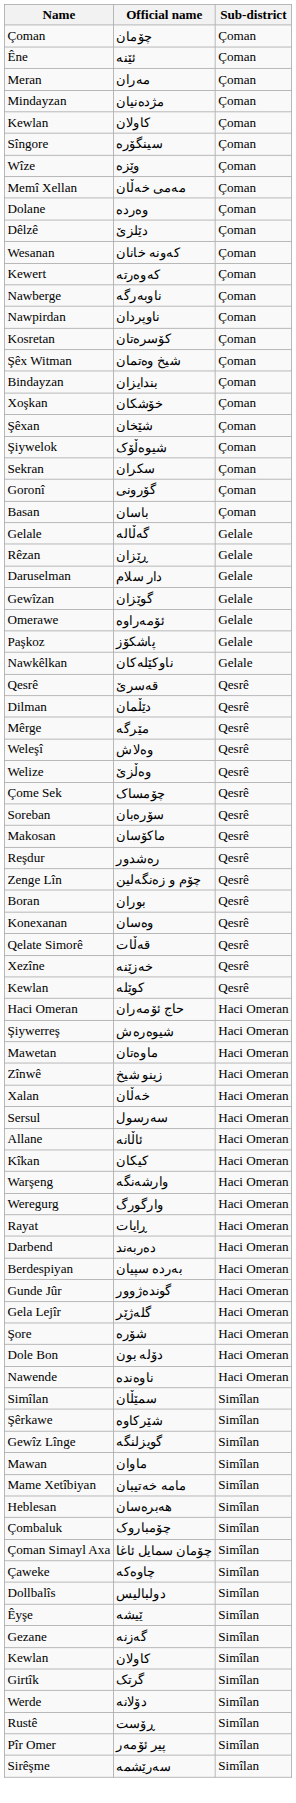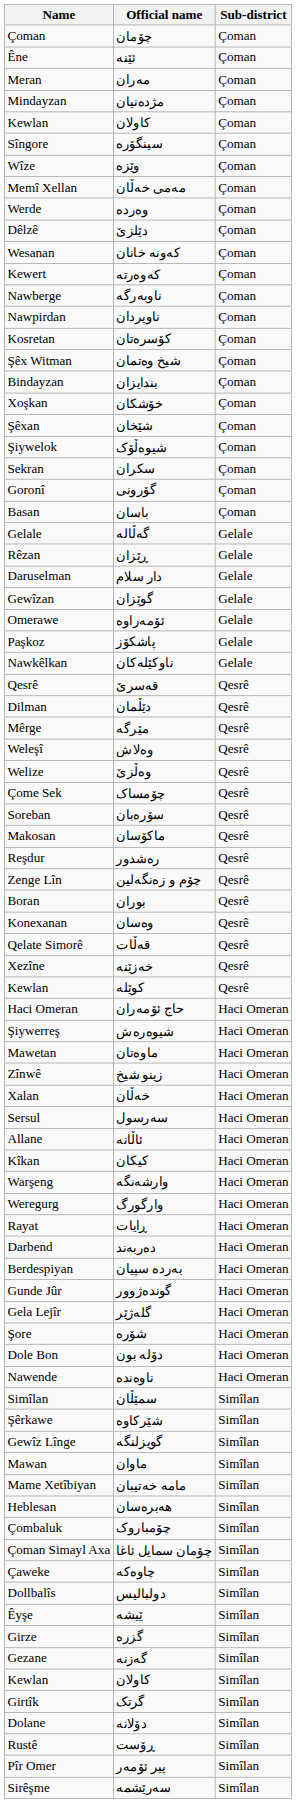 <table class="wikitable sortable">
 <tr>
 <th>Name</th>
 <th>Official name</th>
 <th>Sub-district</th>
 </tr>
 <tr ‌>
 <td>Çoman</td>
 <td>چۆمان</td>
 <td>Çoman</td>
 </tr>
 <tr>
 <td>Êne</td>
 <td>ئێنه‌</td>
 <td>Çoman</td>
 </tr>
 <tr>
 <td>Meran</td>
 <td>مه‌ران</td>
 <td>Çoman</td>
 </tr>
 <tr>
 <td>Mindayzan</td>
 <td>مژده‌نیان</td>
 <td>Çoman</td>
 </tr>
 <tr>
 <td>Kewlan</td>
 <td>کاولان</td>
 <td>Çoman</td>
 </tr>
 <tr>
 <td>Sîngore</td>
 <td>سینگۆره‌</td>
 <td>Çoman</td>
 </tr>
 <tr>
 <td>Wîze</td>
 <td>وێزه</td>
 <td>Çoman</td>
 </tr>
 <tr>
 <td>Memî Xellan</td>
 <td>مه‌می خه‌ڵان</td>
 <td>Çoman</td>
 </tr>
 <tr>
-<td>Dolane</td>
+<td>Werde</td>
 <td>وه‌رده‌</td>
 <td>Çoman</td>
 </tr>
 <tr>
 <td>Dêlzê</td>
 <td>دێلزێ</td>
 <td>Çoman</td>
 </tr>
 <tr>
 <td>Wesanan</td>
 <td>که‌ونه‌ خانان</td>
 <td>Çoman</td>
 </tr>
 <tr>
 <td>Kewert</td>
 <td>که‌وه‌رته‌</td>
 <td>Çoman</td>
 </tr>
 <tr>
 <td>Nawberge</td>
 <td>ناوبه‌رگه‌</td>
 <td>Çoman</td>
 </tr>
 <tr>
 <td>Nawpirdan</td>
 <td>ناوپردان</td>
 <td>Çoman</td>
 </tr>
 <tr>
 <td>Kosretan</td>
 <td>کۆسره‌تان</td>
 <td>Çoman</td>
 </tr>
 <tr>
 <td>Şêx Witman</td>
 <td>شیخ وه‌تمان</td>
 <td>Çoman</td>
 </tr>
 <tr>
 <td>Bindayzan</td>
 <td>بندایزان</td>
 <td>Çoman</td>
 </tr>
 <tr>
 <td>Xoşkan</td>
 <td>خۆشکان</td>
 <td>Çoman</td>
 </tr>
 <tr>
 <td>Şêxan</td>
 <td>شێخان</td>
 <td>Çoman</td>
 </tr>
 <tr>
 <td>Şiywelok</td>
 <td>شیوه‌ڵۆک</td>
 <td>Çoman</td>
 </tr>
 <tr>
 <td>Sekran</td>
 <td>سکران</td>
 <td>Çoman</td>
 </tr>
 <tr>
 <td>Goronî</td>
 <td>گۆرونی</td>
 <td>Çoman</td>
 </tr>
 <tr>
 <td>Basan</td>
 <td>باسان</td>
 <td>Çoman</td>
 </tr>
 <tr>
 <td>Gelale</td>
 <td>گه‌ڵاله‌</td>
 <td>Gelale</td>
 </tr>
 <tr>
 <td>Rêzan</td>
 <td>ڕێزان</td>
 <td>Gelale</td>
 </tr>
 <tr>
 <td>Daruselman</td>
 <td>دار سلام</td>
 <td>Gelale</td>
 </tr>
 <tr>
 <td>Gewîzan</td>
 <td>گوێزان</td>
 <td>Gelale</td>
 </tr>
 <tr>
 <td>Omerawe</td>
 <td>ئۆمه‌راوه‌</td>
 <td>Gelale</td>
 </tr>
 <tr>
 <td>Paşkoz</td>
 <td>پاشکۆز</td>
 <td>Gelale</td>
 </tr>
 <tr>
 <td>Nawkêlkan</td>
 <td>ناوکێله‌کان</td>
 <td>Gelale</td>
 </tr>
 <tr>
 <td>Qesrê</td>
 <td>قه‌سرێ</td>
 <td>Qesrê</td>
 </tr>
 <tr>
 <td>Dilman</td>
 <td>دێڵمان</td>
 <td>Qesrê</td>
 </tr>
 <tr>
 <td>Mêrge</td>
 <td>مێرگه‌</td>
 <td>Qesrê</td>
 </tr>
 <tr>
 <td>Weleşî</td>
 <td>وه‌لاش</td>
 <td>Qesrê</td>
 </tr>
 <tr>
 <td>Welize</td>
 <td>وه‌ڵزێ</td>
 <td>Qesrê</td>
 </tr>
 <tr>
 <td>Çome Sek</td>
 <td>چۆمساک</td>
 <td>Qesrê</td>
 </tr>
 <tr>
 <td>Soreban</td>
 <td>سۆره‌بان</td>
 <td>Qesrê</td>
 </tr>
 <tr>
 <td>Makosan</td>
 <td>ماکۆسان</td>
 <td>Qesrê</td>
 </tr>
 <tr>
 <td>Reşdur</td>
 <td>ره‌شدور</td>
 <td>Qesrê</td>
 </tr>
 <tr>
 <td>Zenge Lîn</td>
 <td>چۆم و زه‌نگه‌لین</td>
 <td>Qesrê</td>
 </tr>
 <tr>
 <td>Boran</td>
 <td>بوران</td>
 <td>Qesrê</td>
 </tr>
 <tr>
 <td>Konexanan</td>
 <td>وه‌سان</td>
 <td>Qesrê</td>
 </tr>
 <tr>
 <td>Qelate Simorê</td>
 <td>قه‌ڵات</td>
 <td>Qesrê</td>
 </tr>
 <tr>
 <td>Xezîne</td>
 <td>خه‌زێنه‌</td>
 <td>Qesrê</td>
 </tr>
 <tr>
 <td>Kewlan</td>
 <td>کوێله‌</td>
 <td>Qesrê</td>
 </tr>
 <tr>
 <td>Haci Omeran</td>
 <td>حاج ئۆمه‌ران</td>
 <td>Haci Omeran</td>
 </tr>
 <tr>
 <td>Şiywerreş</td>
 <td>شیوه‌ره‌ش</td>
 <td>Haci Omeran</td>
 </tr>
 <tr>
 <td>Mawetan</td>
 <td>ماوه‌تان</td>
 <td>Haci Omeran</td>
 </tr>
 <tr>
 <td>Zînwê</td>
 <td>زینو شیخ</td>
 <td>Haci Omeran</td>
 </tr>
 <tr>
 <td>Xalan</td>
 <td>خه‌ڵان</td>
 <td>Haci Omeran</td>
 </tr>
 <tr>
 <td>Sersul</td>
 <td>سه‌رسول</td>
 <td>Haci Omeran</td>
 </tr>
 <tr>
 <td>Allane</td>
 <td>ئاڵانه‌</td>
 <td>Haci Omeran</td>
 </tr>
 <tr>
 <td>Kîkan</td>
 <td>کیکان</td>
 <td>Haci Omeran</td>
 </tr>
 <tr>
 <td>Warşeng</td>
 <td>وارشه‌نگه‌</td>
 <td>Haci Omeran</td>
 </tr>
 <tr>
 <td>Weregurg</td>
 <td>وارگورگ</td>
 <td>Haci Omeran</td>
 </tr>
 <tr>
 <td>Rayat</td>
 <td>ڕایات</td>
 <td>Haci Omeran</td>
 </tr>
 <tr>
 <td>Darbend</td>
 <td>ده‌ربه‌ند</td>
 <td>Haci Omeran</td>
 </tr>
 <tr>
 <td>Berdespiyan</td>
 <td>به‌رده‌ سپیان</td>
 <td>Haci Omeran</td>
 </tr>
 <tr>
 <td>Gunde Jûr</td>
 <td>گونده‌ژوور</td>
 <td>Haci Omeran</td>
 </tr>
 <tr>
 <td>Gela Lejîr</td>
 <td>گله‌ژێر</td>
 <td>Haci Omeran</td>
 </tr>
 <tr>
 <td>Şore</td>
 <td>شۆره‌</td>
 <td>Haci Omeran</td>
 </tr>
 <tr>
 <td>Dole Bon</td>
 <td>دۆله‌ بون</td>
 <td>Haci Omeran</td>
 </tr>
 <tr>
 <td>Nawende</td>
 <td>ناوه‌نده‌‌‌</td>
 <td>Haci Omeran</td>
 </tr>
 <tr>
 <td>Simîlan</td>
 <td>سمێڵان</td>
 <td>Simîlan</td>
 </tr>
 <tr>
 <td>Şêrkawe</td>
 <td>شێرکاوه‌</td>
 <td>Simîlan</td>
 </tr>
 <tr>
 <td>Gewîz Lînge</td>
 <td>گویزلنگه‌</td>
 <td>Simîlan</td>
 </tr>
 <tr>
 <td>Mawan</td>
 <td>ماوان</td>
 <td>Simîlan</td>
 </tr>
 <tr>
 <td>Mame Xetîbiyan</td>
 <td>مامه‌ خه‌تیبان</td>
 <td>Simîlan</td>
 </tr>
 <tr>
 <td>Heblesan</td>
 <td>هه‌بره‌سان</td>
 <td>Simîlan</td>
 </tr>
 <tr>
 <td>Çombaluk</td>
 <td>چۆمباروک</td>
 <td>Simîlan</td>
 </tr>
 <tr>
 <td>Çoman Simayl Axa</td>
 <td>چۆمان سمایل ئاغا</td>
 <td>Simîlan</td>
 </tr>
 <tr>
 <td>Çaweke</td>
 <td>چاوه‌که‌</td>
 <td>Simîlan</td>
 </tr>
 <tr>
 <td>Dollbalîs</td>
 <td>دولبالیس</td>
 <td>Simîlan</td>
 </tr>
 <tr>
 <td>Êyşe</td>
 <td>ێیشه‌‌</td>
 <td>Simîlan</td>
 </tr>
 <tr>
+<td>Girze</td>
+<td>گزره‌</td>
+<td>Simîlan</td>
+</tr>
+<tr>
 <td>Gezane</td>
 <td>گه‌زنه‌</td>
 <td>Simîlan</td>
 </tr>
 <tr>
 <td>Kewlan</td>
 <td>کاولان</td>
 <td>Simîlan</td>
 </tr>
 <tr>
 <td>Girtîk</td>
 <td>گرتک</td>
 <td>Simîlan</td>
 </tr>
 <tr>
-<td>Werde</td>
+<td>Dolane</td>
 <td>دۆلانه‌</td>
 <td>Simîlan</td>
 </tr>
 <tr>
 <td>Rustê</td>
 <td>ڕۆست</td>
 <td>Simîlan</td>
 </tr>
 <tr>
 <td>Pîr Omer</td>
 <td>پیر ئۆمه‌ر</td>
 <td>Simîlan</td>
 </tr>
 <tr>
 <td>Sirêşme</td>
 <td>سه‌رێشمه‌</td>
 <td>Simîlan</td>
 </tr>
 </table>
